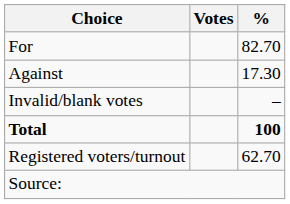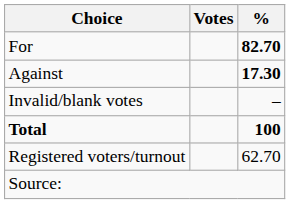 <table class=wikitable style=text-align:right>
 <tr>
 <th>Choice</th>
 <th>Votes</th>
 <th>%</th>
 </tr>
 <tr>
 <td align=left>For</td>
 <td></td>
-<td>82.70</td>
+<td><strong>82.70</strong></td>
 </tr>
 <tr>
 <td align=left>Against</td>
 <td></td>
-<td>17.30</td>
+<td><strong>17.30</strong></td>
 </tr>
 <tr>
 <td align=left>Invalid/blank votes</td>
 <td></td>
 <td>–</td>
 </tr>
 <tr>
 <td align=left><strong>Total</strong></td>
 <td></td>
 <td><strong>100</strong></td>
 </tr>
 <tr>
 <td align=left>Registered voters/turnout</td>
 <td></td>
 <td>62.70</td>
 </tr>
 <tr>
 <td align=left colspan=4>Source: </td>
 </tr>
 </table>
